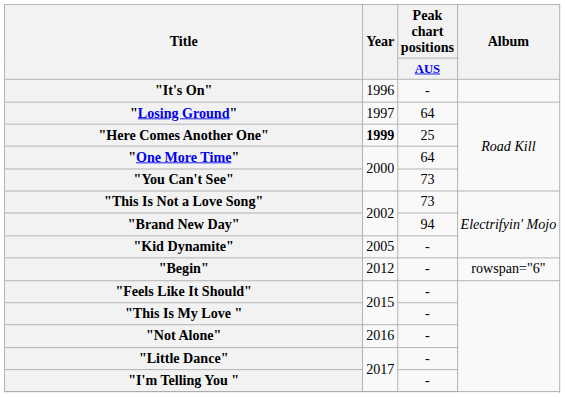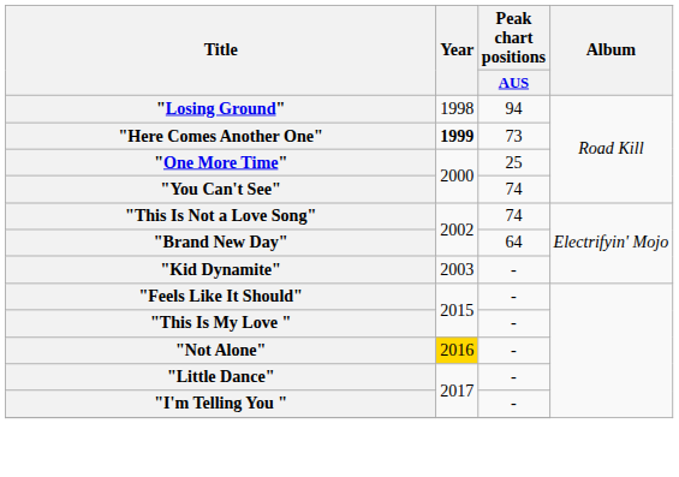 <table class="wikitable plainrowheaders" style="text-align:center;" border="1">
 <tr>
 <th scope="col" rowspan="2" style="width:25em;">Title</th>
 <th scope="col" rowspan="2">Year</th>
 <th scope="col" colspan="1">Peak chart positions</th>
 <th scope="col" rowspan="2">Album</th>
 </tr>
 <tr>
 <th scope="col" style="width:3em;font-size:90%;"><a href='#'>AUS</a><br></th>
 </tr>
 <tr>
-<th scope="row">"It's On"</th>
-<td>1996</td>
-<td>-</td>
-<td></td>
-</tr>
-<tr>
 <th scope="row">"<a href='#'>Losing Ground</a>"</th>
-<td>1997</td>
-<td>64</td>
+<td>1998</td>
+<td>94</td>
 <td rowspan="4"><em>Road Kill</em></td>
 </tr>
 <tr>
 <th scope="row">"Here Comes Another One" </th>
 <td><strong>1999</strong></td>
-<td>25</td>
+<td>73</td>
 </tr>
 <tr>
 <th scope="row">"<a href='#'>One More Time</a>"</th>
 <td rowspan="2">2000</td>
-<td>64</td>
+<td>25</td>
 </tr>
 <tr>
 <th scope="row">"You Can't See" </th>
-<td>73</td>
+<td>74</td>
 </tr>
 <tr>
 <th scope="row">"This Is Not a Love Song"</th>
 <td rowspan="2">2002</td>
-<td>73</td>
+<td>74</td>
 <td rowspan="3"><em>Electrifyin' Mojo</em></td>
 </tr>
 <tr>
 <th scope="row">"Brand New Day"</th>
-<td>94</td>
+<td>64</td>
 </tr>
 <tr>
 <th scope="row">"Kid Dynamite"</th>
-<td>2005</td>
+<td>2003</td>
 <td>-</td>
-</tr>
-<tr>
-<th scope="row">"Begin" </th>
-<td>2012</td>
-<td>-</td>
-<td>rowspan="6" </td>
 </tr>
 <tr>
 <th scope="row">"Feels Like It Should" </th>
 <td rowspan="2">2015</td>
 <td>-</td>
 </tr>
 <tr>
 <th scope="row">"This Is My Love " </th>
 <td>-</td>
 </tr>
 <tr>
 <th scope="row">"Not Alone" </th>
-<td>2016</td>
+<td style="background: gold;">2016</td>
 <td>-</td>
 </tr>
 <tr>
 <th scope="row">"Little Dance" </th>
 <td rowspan="2">2017</td>
 <td>-</td>
 </tr>
 <tr>
 <th scope="row">"I'm Telling You " </th>
 <td>-</td>
 </tr>
 <tr>
 </tr>
 </table>
